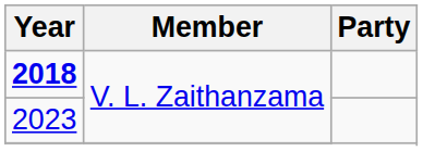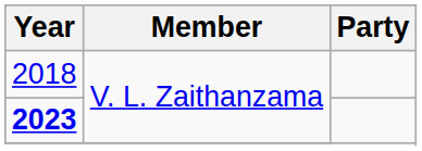 <table class="wikitable sortable">
 <tr>
 <th>Year</th>
 <th>Member</th>
 <th colspan="2">Party</th>
 </tr>
 <tr>
-<td><strong><a href='#'>2018</a></strong></td>
+<td><a href='#'>2018</a></td>
 <td rowspan=2><a href='#'>V. L. Zaithanzama</a></td>
 <td></td>
 </tr>
 <tr>
-<td><a href='#'>2023</a></td>
+<td><strong><a href='#'>2023</a></strong></td>
 </tr>
 <tr>
 </tr>
 </table>
